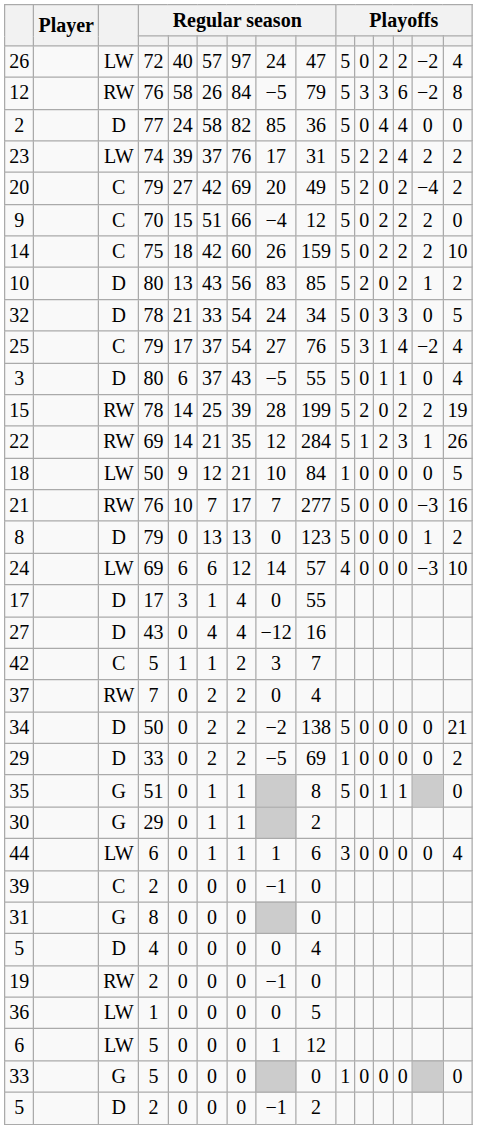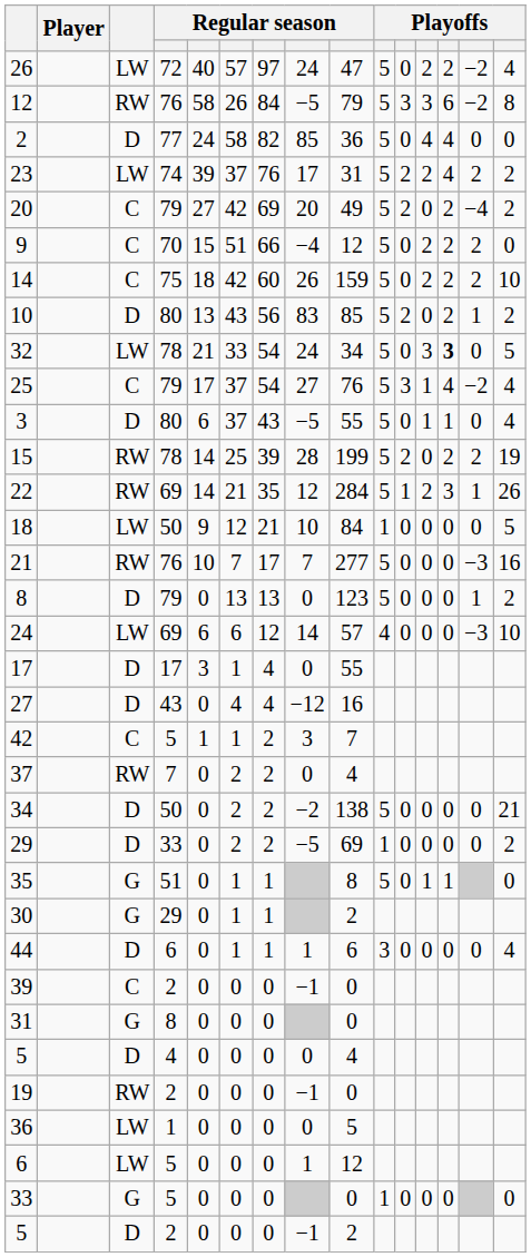 <table class="wikitable sortable plainrowheaders" style="text-align:center;">
 <tr>
 <th scope="col" data-sort-type="number" rowspan="2"></th>
 <th scope="col" rowspan="2">Player</th>
 <th scope="col" rowspan="2"></th>
 <th scope=colgroup colspan=6>Regular season</th>
 <th scope=colgroup colspan=6>Playoffs</th>
 </tr>
 <tr>
 <th scope="col" data-sort-type="number"></th>
 <th scope="col" data-sort-type="number"></th>
 <th scope="col" data-sort-type="number"></th>
 <th scope="col" data-sort-type="number"></th>
 <th scope="col" data-sort-type="number"></th>
 <th scope="col" data-sort-type="number"></th>
 <th scope="col" data-sort-type="number"></th>
 <th scope="col" data-sort-type="number"></th>
 <th scope="col" data-sort-type="number"></th>
 <th scope="col" data-sort-type="number"></th>
 <th scope="col" data-sort-type="number"></th>
 <th scope="col" data-sort-type="number"></th>
 </tr>
 <tr>
 <td scope="row">26</td>
 <td align="left"></td>
 <td>LW</td>
 <td>72</td>
 <td>40</td>
 <td>57</td>
 <td>97</td>
 <td>24</td>
 <td>47</td>
 <td>5</td>
 <td>0</td>
 <td>2</td>
 <td>2</td>
 <td>−2</td>
 <td>4</td>
 </tr>
 <tr>
 <td scope="row">12</td>
 <td align="left"></td>
 <td>RW</td>
 <td>76</td>
 <td>58</td>
 <td>26</td>
 <td>84</td>
 <td>−5</td>
 <td>79</td>
 <td>5</td>
 <td>3</td>
 <td>3</td>
 <td>6</td>
 <td>−2</td>
 <td>8</td>
 </tr>
 <tr>
 <td scope="row">2</td>
 <td align="left"></td>
 <td>D</td>
 <td>77</td>
 <td>24</td>
 <td>58</td>
 <td>82</td>
 <td>85</td>
 <td>36</td>
 <td>5</td>
 <td>0</td>
 <td>4</td>
 <td>4</td>
 <td>0</td>
 <td>0</td>
 </tr>
 <tr>
 <td scope="row">23</td>
 <td align="left"></td>
 <td>LW</td>
 <td>74</td>
 <td>39</td>
 <td>37</td>
 <td>76</td>
 <td>17</td>
 <td>31</td>
 <td>5</td>
 <td>2</td>
 <td>2</td>
 <td>4</td>
 <td>2</td>
 <td>2</td>
 </tr>
 <tr>
 <td scope="row">20</td>
 <td align="left"></td>
 <td>C</td>
 <td>79</td>
 <td>27</td>
 <td>42</td>
 <td>69</td>
 <td>20</td>
 <td>49</td>
 <td>5</td>
 <td>2</td>
 <td>0</td>
 <td>2</td>
 <td>−4</td>
 <td>2</td>
 </tr>
 <tr>
 <td scope="row">9</td>
 <td align="left"></td>
 <td>C</td>
 <td>70</td>
 <td>15</td>
 <td>51</td>
 <td>66</td>
 <td>−4</td>
 <td>12</td>
 <td>5</td>
 <td>0</td>
 <td>2</td>
 <td>2</td>
 <td>2</td>
 <td>0</td>
 </tr>
 <tr>
 <td scope="row">14</td>
 <td align="left"></td>
 <td>C</td>
 <td>75</td>
 <td>18</td>
 <td>42</td>
 <td>60</td>
 <td>26</td>
 <td>159</td>
 <td>5</td>
 <td>0</td>
 <td>2</td>
 <td>2</td>
 <td>2</td>
 <td>10</td>
 </tr>
 <tr>
 <td scope="row">10</td>
 <td align="left"></td>
 <td>D</td>
 <td>80</td>
 <td>13</td>
 <td>43</td>
 <td>56</td>
 <td>83</td>
 <td>85</td>
 <td>5</td>
 <td>2</td>
 <td>0</td>
 <td>2</td>
 <td>1</td>
 <td>2</td>
 </tr>
 <tr>
 <td scope="row">32</td>
 <td align="left"></td>
-<td>D</td>
+<td>LW</td>
 <td>78</td>
 <td>21</td>
 <td>33</td>
 <td>54</td>
 <td>24</td>
 <td>34</td>
 <td>5</td>
 <td>0</td>
 <td>3</td>
-<td>3</td>
+<td><strong>3</strong></td>
 <td>0</td>
 <td>5</td>
 </tr>
 <tr>
 <td scope="row">25</td>
 <td align="left"></td>
 <td>C</td>
 <td>79</td>
 <td>17</td>
 <td>37</td>
 <td>54</td>
 <td>27</td>
 <td>76</td>
 <td>5</td>
 <td>3</td>
 <td>1</td>
 <td>4</td>
 <td>−2</td>
 <td>4</td>
 </tr>
 <tr>
 <td scope="row">3</td>
 <td align="left"></td>
 <td>D</td>
 <td>80</td>
 <td>6</td>
 <td>37</td>
 <td>43</td>
 <td>−5</td>
 <td>55</td>
 <td>5</td>
 <td>0</td>
 <td>1</td>
 <td>1</td>
 <td>0</td>
 <td>4</td>
 </tr>
 <tr>
 <td scope="row">15</td>
 <td align="left"></td>
 <td>RW</td>
 <td>78</td>
 <td>14</td>
 <td>25</td>
 <td>39</td>
 <td>28</td>
 <td>199</td>
 <td>5</td>
 <td>2</td>
 <td>0</td>
 <td>2</td>
 <td>2</td>
 <td>19</td>
 </tr>
 <tr>
 <td scope="row">22</td>
 <td align="left"></td>
 <td>RW</td>
 <td>69</td>
 <td>14</td>
 <td>21</td>
 <td>35</td>
 <td>12</td>
 <td>284</td>
 <td>5</td>
 <td>1</td>
 <td>2</td>
 <td>3</td>
 <td>1</td>
 <td>26</td>
 </tr>
 <tr>
 <td scope="row">18</td>
 <td align="left"></td>
 <td>LW</td>
 <td>50</td>
 <td>9</td>
 <td>12</td>
 <td>21</td>
 <td>10</td>
 <td>84</td>
 <td>1</td>
 <td>0</td>
 <td>0</td>
 <td>0</td>
 <td>0</td>
 <td>5</td>
 </tr>
 <tr>
 <td scope="row">21</td>
 <td align="left"></td>
 <td>RW</td>
 <td>76</td>
 <td>10</td>
 <td>7</td>
 <td>17</td>
 <td>7</td>
 <td>277</td>
 <td>5</td>
 <td>0</td>
 <td>0</td>
 <td>0</td>
 <td>−3</td>
 <td>16</td>
 </tr>
 <tr>
 <td scope="row">8</td>
 <td align="left"></td>
 <td>D</td>
 <td>79</td>
 <td>0</td>
 <td>13</td>
 <td>13</td>
 <td>0</td>
 <td>123</td>
 <td>5</td>
 <td>0</td>
 <td>0</td>
 <td>0</td>
 <td>1</td>
 <td>2</td>
 </tr>
 <tr>
 <td scope="row">24</td>
 <td align="left"></td>
 <td>LW</td>
 <td>69</td>
 <td>6</td>
 <td>6</td>
 <td>12</td>
 <td>14</td>
 <td>57</td>
 <td>4</td>
 <td>0</td>
 <td>0</td>
 <td>0</td>
 <td>−3</td>
 <td>10</td>
 </tr>
 <tr>
 <td scope="row">17</td>
 <td align="left"></td>
 <td>D</td>
 <td>17</td>
 <td>3</td>
 <td>1</td>
 <td>4</td>
 <td>0</td>
 <td>55</td>
 <td></td>
 <td></td>
 <td></td>
 <td></td>
 <td></td>
 <td></td>
 </tr>
 <tr>
 <td scope="row">27</td>
 <td align="left"></td>
 <td>D</td>
 <td>43</td>
 <td>0</td>
 <td>4</td>
 <td>4</td>
 <td>−12</td>
 <td>16</td>
 <td></td>
 <td></td>
 <td></td>
 <td></td>
 <td></td>
 <td></td>
 </tr>
 <tr>
 <td scope="row">42</td>
 <td align="left"></td>
 <td>C</td>
 <td>5</td>
 <td>1</td>
 <td>1</td>
 <td>2</td>
 <td>3</td>
 <td>7</td>
 <td></td>
 <td></td>
 <td></td>
 <td></td>
 <td></td>
 <td></td>
 </tr>
 <tr>
 <td scope="row">37</td>
 <td align="left"></td>
 <td>RW</td>
 <td>7</td>
 <td>0</td>
 <td>2</td>
 <td>2</td>
 <td>0</td>
 <td>4</td>
 <td></td>
 <td></td>
 <td></td>
 <td></td>
 <td></td>
 <td></td>
 </tr>
 <tr>
 <td scope="row">34</td>
 <td align="left"></td>
 <td>D</td>
 <td>50</td>
 <td>0</td>
 <td>2</td>
 <td>2</td>
 <td>−2</td>
 <td>138</td>
 <td>5</td>
 <td>0</td>
 <td>0</td>
 <td>0</td>
 <td>0</td>
 <td>21</td>
 </tr>
 <tr>
 <td scope="row">29</td>
 <td align="left"></td>
 <td>D</td>
 <td>33</td>
 <td>0</td>
 <td>2</td>
 <td>2</td>
 <td>−5</td>
 <td>69</td>
 <td>1</td>
 <td>0</td>
 <td>0</td>
 <td>0</td>
 <td>0</td>
 <td>2</td>
 </tr>
 <tr>
 <td scope="row">35</td>
 <td align="left"></td>
 <td>G</td>
 <td>51</td>
 <td>0</td>
 <td>1</td>
 <td>1</td>
 <td style="background:#ccc"></td>
 <td>8</td>
 <td>5</td>
 <td>0</td>
 <td>1</td>
 <td>1</td>
 <td style="background:#ccc"></td>
 <td>0</td>
 </tr>
 <tr>
 <td scope="row">30</td>
 <td align="left"></td>
 <td>G</td>
 <td>29</td>
 <td>0</td>
 <td>1</td>
 <td>1</td>
 <td style="background:#ccc"></td>
 <td>2</td>
 <td></td>
 <td></td>
 <td></td>
 <td></td>
 <td></td>
 <td></td>
 </tr>
 <tr>
 <td scope="row">44</td>
 <td align="left"></td>
-<td>LW</td>
+<td>D</td>
 <td>6</td>
 <td>0</td>
 <td>1</td>
 <td>1</td>
 <td>1</td>
 <td>6</td>
 <td>3</td>
 <td>0</td>
 <td>0</td>
 <td>0</td>
 <td>0</td>
 <td>4</td>
 </tr>
 <tr>
 <td scope="row">39</td>
 <td align="left"></td>
 <td>C</td>
 <td>2</td>
 <td>0</td>
 <td>0</td>
 <td>0</td>
 <td>−1</td>
 <td>0</td>
 <td></td>
 <td></td>
 <td></td>
 <td></td>
 <td></td>
 <td></td>
 </tr>
 <tr>
 <td scope="row">31</td>
 <td align="left"></td>
 <td>G</td>
 <td>8</td>
 <td>0</td>
 <td>0</td>
 <td>0</td>
 <td style="background:#ccc"></td>
 <td>0</td>
 <td></td>
 <td></td>
 <td></td>
 <td></td>
 <td></td>
 <td></td>
 </tr>
 <tr>
 <td scope="row">5</td>
 <td align="left"></td>
 <td>D</td>
 <td>4</td>
 <td>0</td>
 <td>0</td>
 <td>0</td>
 <td>0</td>
 <td>4</td>
 <td></td>
 <td></td>
 <td></td>
 <td></td>
 <td></td>
 <td></td>
 </tr>
 <tr>
 <td scope="row">19</td>
 <td align="left"></td>
 <td>RW</td>
 <td>2</td>
 <td>0</td>
 <td>0</td>
 <td>0</td>
 <td>−1</td>
 <td>0</td>
 <td></td>
 <td></td>
 <td></td>
 <td></td>
 <td></td>
 <td></td>
 </tr>
 <tr>
 <td scope="row">36</td>
 <td align="left"></td>
 <td>LW</td>
 <td>1</td>
 <td>0</td>
 <td>0</td>
 <td>0</td>
 <td>0</td>
 <td>5</td>
 <td></td>
 <td></td>
 <td></td>
 <td></td>
 <td></td>
 <td></td>
 </tr>
 <tr>
 <td scope="row">6</td>
 <td align="left"></td>
 <td>LW</td>
 <td>5</td>
 <td>0</td>
 <td>0</td>
 <td>0</td>
 <td>1</td>
 <td>12</td>
 <td></td>
 <td></td>
 <td></td>
 <td></td>
 <td></td>
 <td></td>
 </tr>
 <tr>
 <td scope="row">33</td>
 <td align="left"></td>
 <td>G</td>
 <td>5</td>
 <td>0</td>
 <td>0</td>
 <td>0</td>
 <td style="background:#ccc"></td>
 <td>0</td>
 <td>1</td>
 <td>0</td>
 <td>0</td>
 <td>0</td>
 <td style="background:#ccc"></td>
 <td>0</td>
 </tr>
 <tr>
 <td scope="row">5</td>
 <td align="left"></td>
 <td>D</td>
 <td>2</td>
 <td>0</td>
 <td>0</td>
 <td>0</td>
 <td>−1</td>
 <td>2</td>
 <td></td>
 <td></td>
 <td></td>
 <td></td>
 <td></td>
 <td></td>
 </tr>
 </table>
